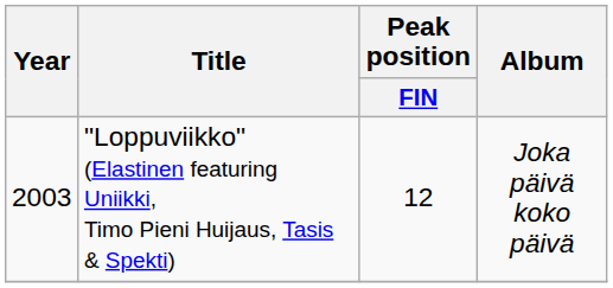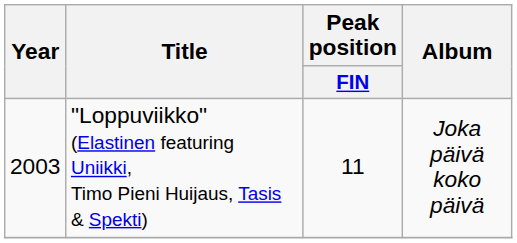 <table class="wikitable">
 <tr>
 <th align="center" rowspan="2" width="10">Year</th>
 <th align="center" rowspan="2" width="160">Title</th>
 <th align="center" colspan="1" width="20">Peak position</th>
 <th align="center" rowspan="2" width="70">Album</th>
 </tr>
 <tr>
 <th scope="col" style="width:3em;font-size:90%;"><a href='#'>FIN</a><br></th>
 </tr>
 <tr>
 <td style="text-align:center;" rowspan=1>2003</td>
 <td>"Loppuviikko"<br><small>(<a href='#'>Elastinen</a> featuring <a href='#'>Uniikki</a>, <br>Timo Pieni Huijaus, <a href='#'>Tasis</a> & <a href='#'>Spekti</a>)</small></td>
-<td style="text-align:center;">12</td>
+<td style="text-align:center;">11</td>
 <td style="text-align:center;"><em>Joka päivä koko päivä</em></td>
 </tr>
 <tr>
 </tr>
 </table>
